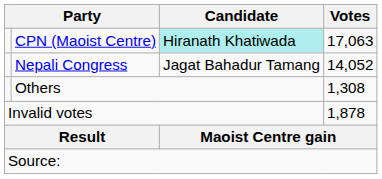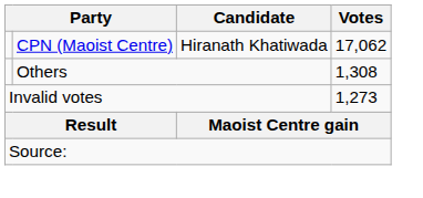 <table class="wikitable">
 <tr>
 <th colspan="2">Party</th>
 <th>Candidate</th>
 <th>Votes</th>
 </tr>
 <tr>
 <td style="background-color:"></td>
 <td><a href='#'>CPN (Maoist Centre)</a></td>
-<td style="background: paleturquoise;">Hiranath Khatiwada</td>
-<td>17,063</td>
-</tr>
-<tr>
-<td style="background-color:"></td>
-<td><a href='#'>Nepali Congress</a></td>
-<td>Jagat Bahadur Tamang</td>
-<td>14,052</td>
+<td>Hiranath Khatiwada</td>
+<td>17,062</td>
 </tr>
 <tr>
 <td></td>
 <td colspan="2">Others</td>
 <td>1,308</td>
 </tr>
 <tr>
 <td colspan="3">Invalid votes</td>
-<td>1,878</td>
+<td>1,273</td>
 </tr>
 <tr>
 <th colspan="2">Result</th>
 <th colspan="2">Maoist Centre gain</th>
 </tr>
 <tr>
 <td colspan="4">Source: </td>
 </tr>
 </table>
